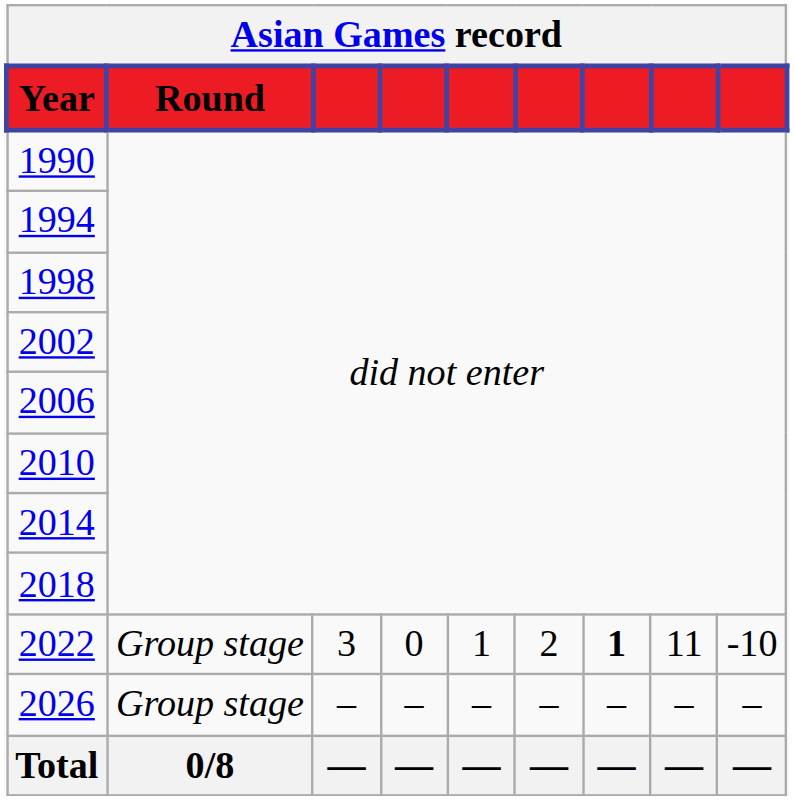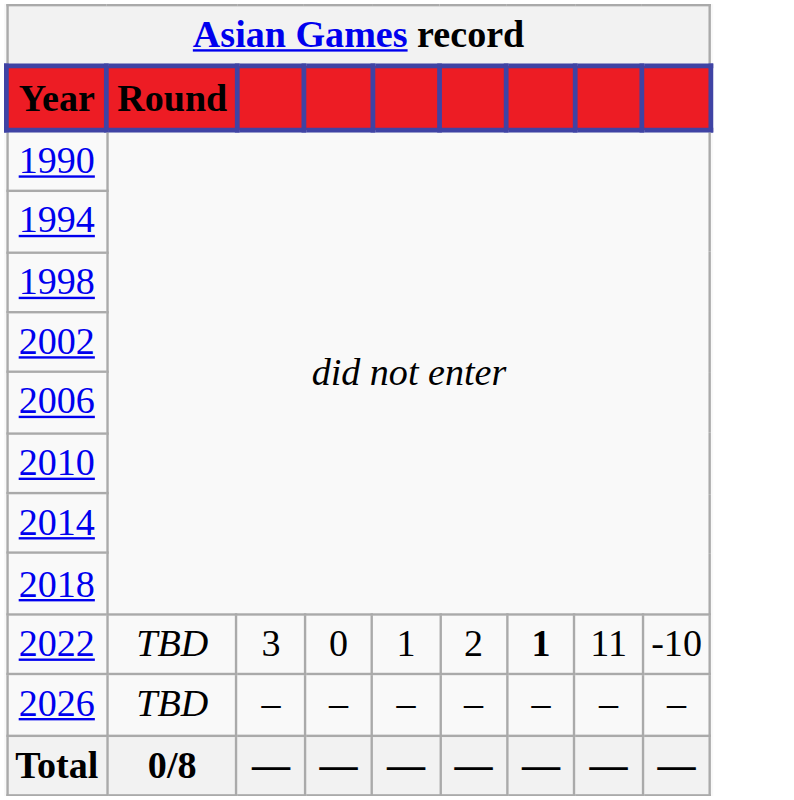 <table class="wikitable" style="text-align: center;">
 <tr>
 <th colspan=9><a href='#'>Asian Games</a> record</th>
 </tr>
 <tr>
 <th style="background:#ED1C24;border: 2px solid #3F43A4;"><span>Year</span></th>
 <th style="background:#ED1C24;border: 2px solid #3F43A4;"><span>Round</span></th>
 <th width=20; style="background:#ED1C24;border: 2px solid #3F43A4;"><span></span></th>
 <th width=20; style="background:#ED1C24;border: 2px solid #3F43A4;"><span></span></th>
 <th width=20; style="background:#ED1C24;border: 2px solid #3F43A4;"><span></span></th>
 <th width=20; style="background:#ED1C24;border: 2px solid #3F43A4;"><span></span></th>
 <th width=20; style="background:#ED1C24;border: 2px solid #3F43A4;"><span></span></th>
 <th width=20; style="background:#ED1C24;border: 2px solid #3F43A4;"><span></span></th>
 <th width=20; style="background:#ED1C24;border: 2px solid #3F43A4;"><span></span></th>
 </tr>
 <tr>
 <td> <a href='#'>1990</a></td>
 <td colspan=8 rowspan=8><em>did not enter</em></td>
 </tr>
 <tr>
 <td> <a href='#'>1994</a></td>
 </tr>
 <tr>
 <td> <a href='#'>1998</a></td>
 </tr>
 <tr>
 <td> <a href='#'>2002</a></td>
 </tr>
 <tr>
 <td> <a href='#'>2006</a></td>
 </tr>
 <tr>
 <td> <a href='#'>2010</a></td>
 </tr>
 <tr>
 <td> <a href='#'>2014</a></td>
 </tr>
 <tr>
 <td> <a href='#'>2018</a></td>
 </tr>
 <tr>
 <td> <a href='#'>2022</a></td>
-<td><em>Group stage</em></td>
+<td><em>TBD</em></td>
 <td>3</td>
 <td>0</td>
 <td>1</td>
 <td>2</td>
 <td><strong>1</strong></td>
 <td>11</td>
 <td>-10</td>
 </tr>
 <tr>
 <td> <a href='#'>2026</a></td>
-<td><em>Group stage</em></td>
+<td><em>TBD</em></td>
 <td>–</td>
 <td>–</td>
 <td>–</td>
 <td>–</td>
 <td>–</td>
 <td>–</td>
 <td>–</td>
 </tr>
 <tr>
 <th><strong>Total</strong></th>
 <th><strong>0/8</strong></th>
 <th>—</th>
 <th>—</th>
 <th>—</th>
 <th>—</th>
 <th>—</th>
 <th>—</th>
 <th>—</th>
 </tr>
 </table>
